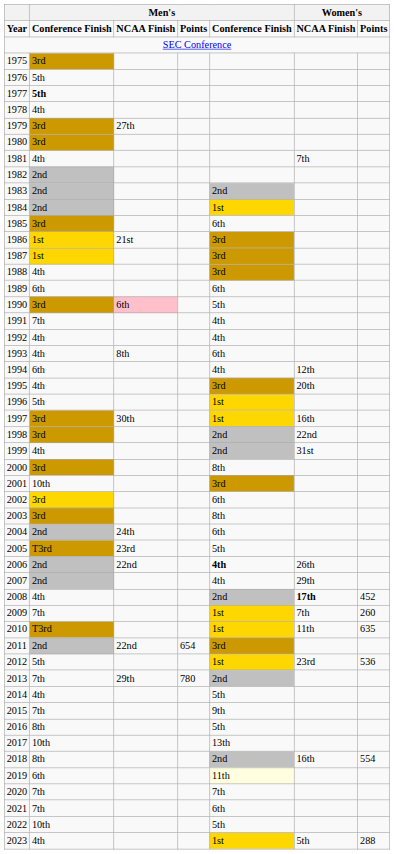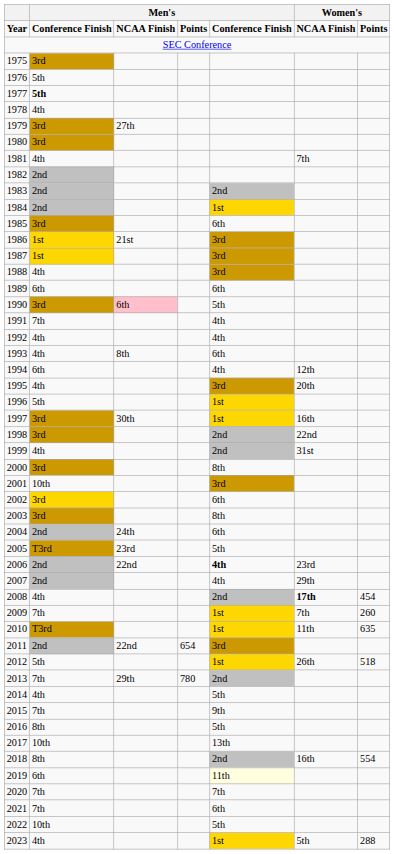 <table class="wikitable">
 <tr>
 <th></th>
 <th colspan="4">Men's</th>
 <th colspan="4">Women's</th>
 </tr>
 <tr>
 <td><strong>Year</strong></td>
 <td><strong>Conference Finish</strong></td>
 <td><strong>NCAA Finish</strong></td>
 <td><strong>Points</strong></td>
 <td><strong>Conference Finish</strong></td>
 <td><strong>NCAA Finish</strong></td>
 <td><strong>Points</strong></td>
 </tr>
 <tr>
 <td colspan="7" align="center"><a href='#'>SEC Conference</a></td>
 </tr>
 <tr>
 <td>1975</td>
 <td bgcolor="cc9900">3rd</td>
 <td></td>
 <td></td>
 <td></td>
 <td></td>
 <td></td>
 </tr>
 <tr>
 <td>1976</td>
 <td>5th</td>
 <td></td>
 <td></td>
 <td></td>
 <td></td>
 <td></td>
 </tr>
 <tr>
 <td>1977</td>
 <td><strong>5th</strong></td>
 <td></td>
 <td></td>
 <td></td>
 <td></td>
 <td></td>
 </tr>
 <tr>
 <td>1978</td>
 <td>4th</td>
 <td></td>
 <td></td>
 <td></td>
 <td></td>
 <td></td>
 </tr>
 <tr>
 <td>1979</td>
 <td bgcolor="cc9900">3rd</td>
 <td>27th</td>
 <td></td>
 <td></td>
 <td></td>
 <td></td>
 </tr>
 <tr>
 <td>1980</td>
 <td bgcolor="cc9900">3rd</td>
 <td></td>
 <td></td>
 <td></td>
 <td></td>
 <td></td>
 </tr>
 <tr>
 <td>1981</td>
 <td>4th</td>
 <td></td>
 <td></td>
 <td></td>
 <td>7th</td>
 <td></td>
 </tr>
 <tr>
 <td>1982</td>
 <td bgcolor="silver">2nd</td>
 <td></td>
 <td></td>
 <td></td>
 <td></td>
 <td></td>
 </tr>
 <tr>
 <td>1983</td>
 <td bgcolor="silver">2nd</td>
 <td></td>
 <td></td>
 <td bgcolor="silver">2nd</td>
 <td></td>
 <td></td>
 </tr>
 <tr>
 <td>1984</td>
 <td bgcolor="silver">2nd</td>
 <td></td>
 <td></td>
 <td bgcolor="gold">1st</td>
 <td></td>
 <td></td>
 </tr>
 <tr>
 <td>1985</td>
 <td bgcolor="cc9900">3rd</td>
 <td></td>
 <td></td>
 <td>6th</td>
 <td></td>
 <td></td>
 </tr>
 <tr>
 <td>1986</td>
 <td bgcolor="gold">1st</td>
 <td>21st</td>
 <td></td>
 <td bgcolor="cc9900">3rd</td>
 <td></td>
 <td></td>
 </tr>
 <tr>
 <td>1987</td>
 <td bgcolor="gold">1st</td>
 <td></td>
 <td></td>
 <td bgcolor="cc9900">3rd</td>
 <td></td>
 <td></td>
 </tr>
 <tr>
 <td>1988</td>
 <td>4th</td>
 <td></td>
 <td></td>
 <td bgcolor="cc9900">3rd</td>
 <td></td>
 <td></td>
 </tr>
 <tr>
 <td>1989</td>
 <td>6th</td>
 <td></td>
 <td></td>
 <td>6th</td>
 <td></td>
 <td></td>
 </tr>
 <tr>
 <td>1990</td>
 <td bgcolor="cc9900">3rd</td>
 <td style="background: pink;">6th</td>
 <td></td>
 <td>5th</td>
 <td></td>
 <td></td>
 </tr>
 <tr>
 <td>1991</td>
 <td>7th</td>
 <td></td>
 <td></td>
 <td>4th</td>
 <td></td>
 <td></td>
 </tr>
 <tr>
 <td>1992</td>
 <td>4th</td>
 <td></td>
 <td></td>
 <td>4th</td>
 <td></td>
 <td></td>
 </tr>
 <tr>
 <td>1993</td>
 <td>4th</td>
 <td>8th</td>
 <td></td>
 <td>6th</td>
 <td></td>
 <td></td>
 </tr>
 <tr>
 <td>1994</td>
 <td>6th</td>
 <td></td>
 <td></td>
 <td>4th</td>
 <td>12th</td>
 <td></td>
 </tr>
 <tr>
 <td>1995</td>
 <td>4th</td>
 <td></td>
 <td></td>
 <td bgcolor="cc9900">3rd</td>
 <td>20th</td>
 <td></td>
 </tr>
 <tr>
 <td>1996</td>
 <td>5th</td>
 <td></td>
 <td></td>
 <td bgcolor="gold">1st</td>
 <td></td>
 <td></td>
 </tr>
 <tr>
 <td>1997</td>
 <td bgcolor="cc9900">3rd</td>
 <td>30th</td>
 <td></td>
 <td bgcolor="gold">1st</td>
 <td>16th</td>
 <td></td>
 </tr>
 <tr>
 <td>1998</td>
 <td bgcolor="cc9900">3rd</td>
 <td></td>
 <td></td>
 <td bgcolor="silver">2nd</td>
 <td>22nd</td>
 <td></td>
 </tr>
 <tr>
 <td>1999</td>
 <td>4th</td>
 <td></td>
 <td></td>
 <td bgcolor="silver">2nd</td>
 <td>31st</td>
 <td></td>
 </tr>
 <tr>
 <td>2000</td>
 <td bgcolor="cc9900">3rd</td>
 <td></td>
 <td></td>
 <td>8th</td>
 <td></td>
 <td></td>
 </tr>
 <tr>
 <td>2001</td>
 <td>10th</td>
 <td></td>
 <td></td>
 <td bgcolor="cc9900">3rd</td>
 <td></td>
 <td></td>
 </tr>
 <tr>
 <td>2002</td>
 <td bgcolor="gold">3rd</td>
 <td></td>
 <td></td>
 <td>6th</td>
 <td></td>
 <td></td>
 </tr>
 <tr>
 <td>2003</td>
 <td bgcolor="cc9900">3rd</td>
 <td></td>
 <td></td>
 <td>8th</td>
 <td></td>
 <td></td>
 </tr>
 <tr>
 <td>2004</td>
 <td bgcolor="silver">2nd</td>
 <td>24th</td>
 <td></td>
 <td>6th</td>
 <td></td>
 <td></td>
 </tr>
 <tr>
 <td>2005</td>
 <td bgcolor="cc9900">T3rd</td>
 <td>23rd</td>
 <td></td>
 <td>5th</td>
 <td></td>
 <td></td>
 </tr>
 <tr>
 <td>2006</td>
 <td bgcolor="silver">2nd</td>
 <td>22nd</td>
 <td></td>
 <td><strong>4th</strong></td>
-<td>26th</td>
+<td>23rd</td>
 <td></td>
 </tr>
 <tr>
 <td>2007</td>
 <td bgcolor="silver">2nd</td>
 <td></td>
 <td></td>
 <td>4th</td>
 <td>29th</td>
 <td></td>
 </tr>
 <tr>
 <td>2008</td>
 <td>4th</td>
 <td></td>
 <td></td>
 <td bgcolor="silver">2nd</td>
 <td><strong>17th</strong></td>
-<td>452</td>
+<td>454</td>
 </tr>
 <tr>
 <td>2009</td>
 <td>7th</td>
 <td></td>
 <td></td>
 <td bgcolor="gold">1st</td>
 <td>7th</td>
 <td>260</td>
 </tr>
 <tr>
 <td>2010</td>
 <td bgcolor="cc9900">T3rd</td>
 <td></td>
 <td></td>
 <td bgcolor="gold">1st</td>
 <td>11th</td>
 <td>635</td>
 </tr>
 <tr>
 <td>2011</td>
 <td bgcolor="silver">2nd</td>
 <td>22nd</td>
 <td>654</td>
 <td bgcolor="cc9900">3rd</td>
 <td></td>
 <td></td>
 </tr>
 <tr>
 <td>2012</td>
 <td>5th</td>
 <td></td>
 <td></td>
 <td bgcolor="gold">1st</td>
-<td>23rd</td>
-<td>536</td>
+<td>26th</td>
+<td>518</td>
 </tr>
 <tr>
 <td>2013</td>
 <td>7th</td>
 <td>29th</td>
 <td>780</td>
 <td bgcolor="silver">2nd</td>
 <td></td>
 <td></td>
 </tr>
 <tr>
 <td>2014</td>
 <td>4th</td>
 <td></td>
 <td></td>
 <td>5th</td>
 <td></td>
 <td></td>
 </tr>
 <tr>
 <td>2015</td>
 <td>7th</td>
 <td></td>
 <td></td>
 <td>9th</td>
 <td></td>
 <td></td>
 </tr>
 <tr>
 <td>2016</td>
 <td>8th</td>
 <td></td>
 <td></td>
 <td>5th</td>
 <td></td>
 <td></td>
 </tr>
 <tr>
 <td>2017</td>
 <td>10th</td>
 <td></td>
 <td></td>
 <td>13th</td>
 <td></td>
 <td></td>
 </tr>
 <tr>
 <td>2018</td>
 <td>8th</td>
 <td></td>
 <td></td>
 <td bgcolor="silver">2nd</td>
 <td>16th</td>
 <td>554</td>
 </tr>
 <tr>
 <td>2019</td>
 <td>6th</td>
 <td></td>
 <td></td>
 <td style="background: lightyellow;">11th</td>
 <td></td>
 <td></td>
 </tr>
 <tr>
 <td>2020</td>
 <td>7th</td>
 <td></td>
 <td></td>
 <td>7th</td>
 <td></td>
 <td></td>
 </tr>
 <tr>
 <td>2021</td>
 <td>7th</td>
 <td></td>
 <td></td>
 <td>6th</td>
 <td></td>
 <td></td>
 </tr>
 <tr>
 <td>2022</td>
 <td>10th</td>
 <td></td>
 <td></td>
 <td>5th</td>
 <td></td>
 <td></td>
 </tr>
 <tr>
 <td>2023</td>
 <td>4th</td>
 <td></td>
 <td></td>
 <td bgcolor="gold">1st</td>
 <td>5th</td>
 <td>288</td>
 </tr>
 </table>
